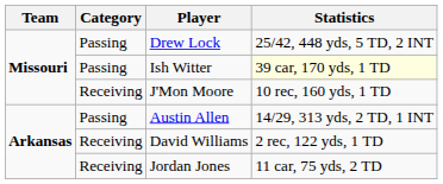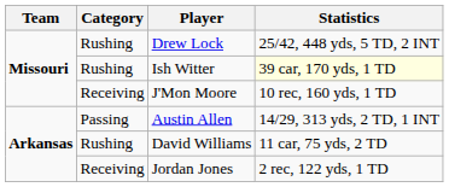 <table class="wikitable" style="float: right;">
 <tr>
 <th>Team</th>
 <th>Category</th>
 <th>Player</th>
 <th>Statistics</th>
 </tr>
 <tr>
 <td rowspan=3><strong>Missouri</strong></td>
-<td>Passing</td>
+<td>Rushing</td>
 <td><a href='#'>Drew Lock</a></td>
 <td>25/42, 448 yds, 5 TD, 2 INT</td>
 </tr>
 <tr>
-<td>Passing</td>
+<td>Rushing</td>
 <td>Ish Witter</td>
 <td style="background: lightyellow;">39 car, 170 yds, 1 TD</td>
 </tr>
 <tr>
 <td>Receiving</td>
 <td>J'Mon Moore</td>
 <td>10 rec, 160 yds, 1 TD</td>
 </tr>
 <tr>
 <td rowspan=3><strong>Arkansas</strong></td>
 <td>Passing</td>
 <td><a href='#'>Austin Allen</a></td>
 <td>14/29, 313 yds, 2 TD, 1 INT</td>
 </tr>
 <tr>
-<td>Receiving</td>
+<td>Rushing</td>
 <td>David Williams</td>
-<td>2 rec, 122 yds, 1 TD</td>
+<td>11 car, 75 yds, 2 TD</td>
 </tr>
 <tr>
 <td>Receiving</td>
 <td>Jordan Jones</td>
-<td>11 car, 75 yds, 2 TD</td>
+<td>2 rec, 122 yds, 1 TD</td>
 </tr>
 </table>
